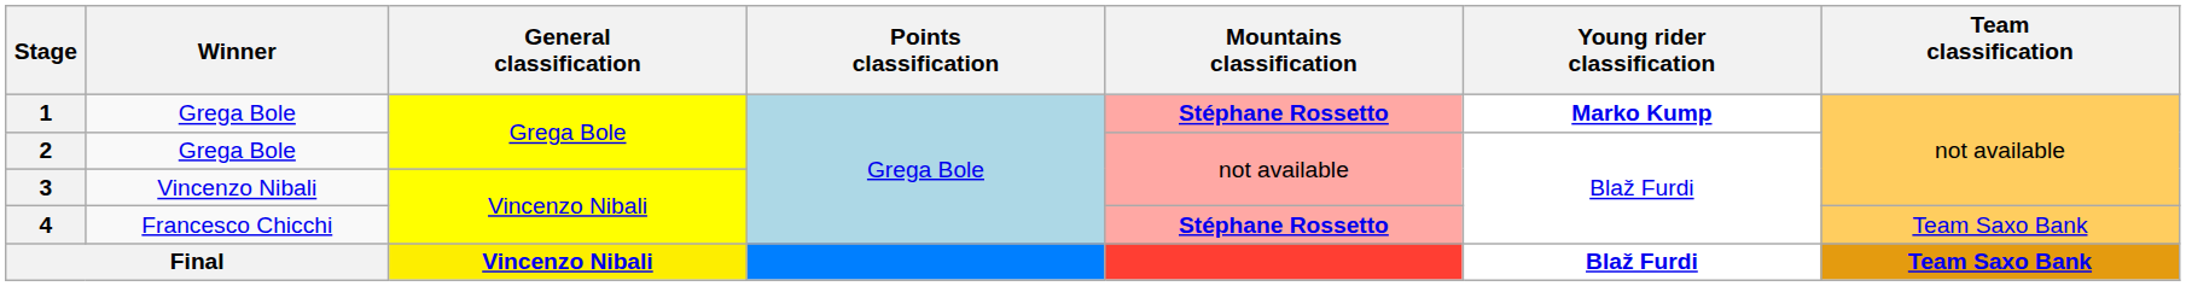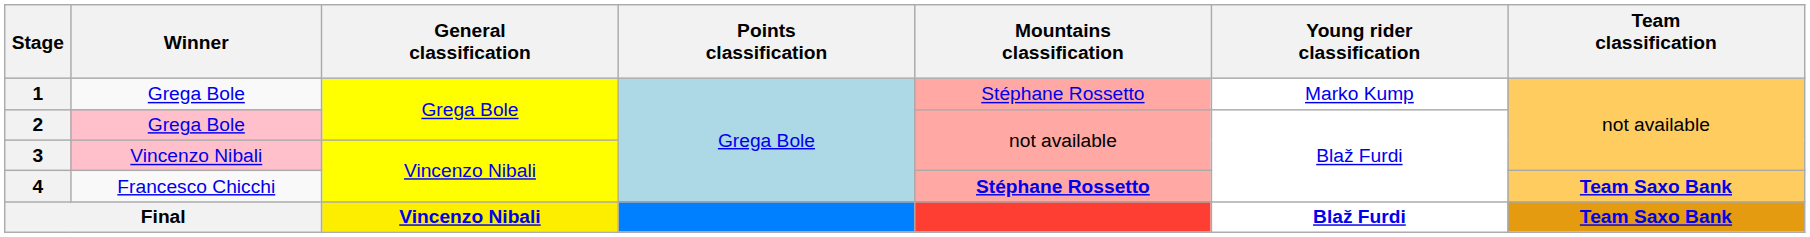 <table class="wikitable" style="text-align: center; font-size:smaller;">
 <tr>
 <th style="width:1%;">Stage</th>
 <th style="width:11%;">Winner</th>
 <th style="width:13%;">General<br>classification<br></th>
 <th style="width:13%;">Points<br>classification<br></th>
 <th style="width:13%;">Mountains<br>classification<br></th>
 <th style="width:13%;">Young rider<br>classification<br></th>
 <th style="width:13%;">Team<br>classification<br><br></th>
 </tr>
 <tr>
 <th>1</th>
 <td><a href='#'>Grega Bole</a></td>
 <td style="background:yellow;" rowspan=2><a href='#'>Grega Bole</a></td>
 <td style="background:lightblue;" rowspan=4><a href='#'>Grega Bole</a></td>
-<td style="background:#FFA8A4;"><strong><a href='#'>Stéphane Rossetto</a></strong></td>
-<td style="background:white;"><strong><a href='#'>Marko Kump</a></strong></td>
+<td style="background:#FFA8A4;"><a href='#'>Stéphane Rossetto</a></td>
+<td style="background:white;"><a href='#'>Marko Kump</a></td>
 <td style="background:#FFCD5F;" rowspan=3>not available</td>
 </tr>
 <tr>
 <th>2</th>
-<td><a href='#'>Grega Bole</a></td>
+<td style="background: pink;"><a href='#'>Grega Bole</a></td>
 <td style="background:#FFA8A4;" rowspan=2>not available</td>
 <td style="background:white;" rowspan=3><a href='#'>Blaž Furdi</a></td>
 </tr>
 <tr>
 <th>3</th>
-<td><a href='#'>Vincenzo Nibali</a></td>
+<td style="background: pink;"><a href='#'>Vincenzo Nibali</a></td>
 <td style="background:yellow;" rowspan=2><a href='#'>Vincenzo Nibali</a></td>
 </tr>
 <tr>
 <th>4</th>
 <td><a href='#'>Francesco Chicchi</a></td>
 <td style="background:#FFA8A4;"><strong><a href='#'>Stéphane Rossetto</a></strong></td>
-<td style="background:#FFCD5F;"><a href='#'>Team Saxo Bank</a></td>
+<td style="background:#FFCD5F;"><strong><a href='#'>Team Saxo Bank</a></strong></td>
 </tr>
 <tr>
 <th colspan="2"><strong>Final</strong></th>
 <th style="background:#FDEE00;"><a href='#'>Vincenzo Nibali</a></th>
 <th style="background:#007FFF;"></th>
 <th style="background:#FF3E33;"></th>
 <th style="background:white;"><a href='#'>Blaž Furdi</a></th>
 <th style="background:#E49B0F;"><a href='#'>Team Saxo Bank</a></th>
 </tr>
 </table>
